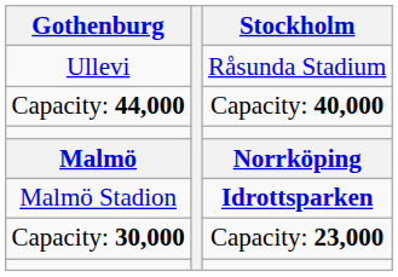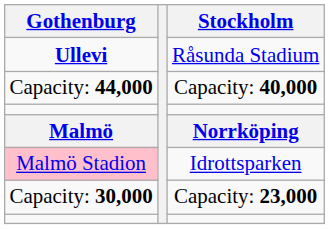 <table class="wikitable" style="text-align:center">
 <tr>
 <th><a href='#'>Gothenburg</a></th>
 <th rowspan="8"></th>
 <th><a href='#'>Stockholm</a></th>
 </tr>
 <tr>
-<td><a href='#'>Ullevi</a></td>
+<td><strong><a href='#'>Ullevi</a></strong></td>
 <td><a href='#'>Råsunda Stadium</a></td>
 </tr>
 <tr>
 <td>Capacity: <strong>44,000</strong></td>
 <td>Capacity: <strong>40,000</strong></td>
 </tr>
 <tr>
 <td></td>
 <td></td>
 </tr>
 <tr>
 <th><a href='#'>Malmö</a></th>
 <th><a href='#'>Norrköping</a></th>
 </tr>
 <tr>
-<td><a href='#'>Malmö Stadion</a></td>
-<td><strong><a href='#'>Idrottsparken</a></strong></td>
+<td style="background: pink;"><a href='#'>Malmö Stadion</a></td>
+<td><a href='#'>Idrottsparken</a></td>
 </tr>
 <tr>
 <td>Capacity: <strong>30,000</strong></td>
 <td>Capacity: <strong>23,000</strong></td>
 </tr>
 <tr>
 <td></td>
 <td></td>
 </tr>
 </table>
